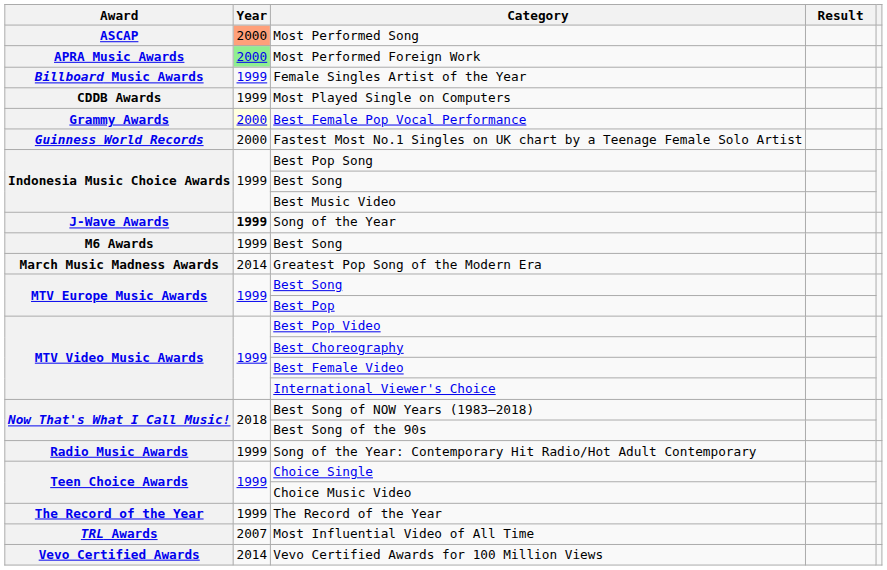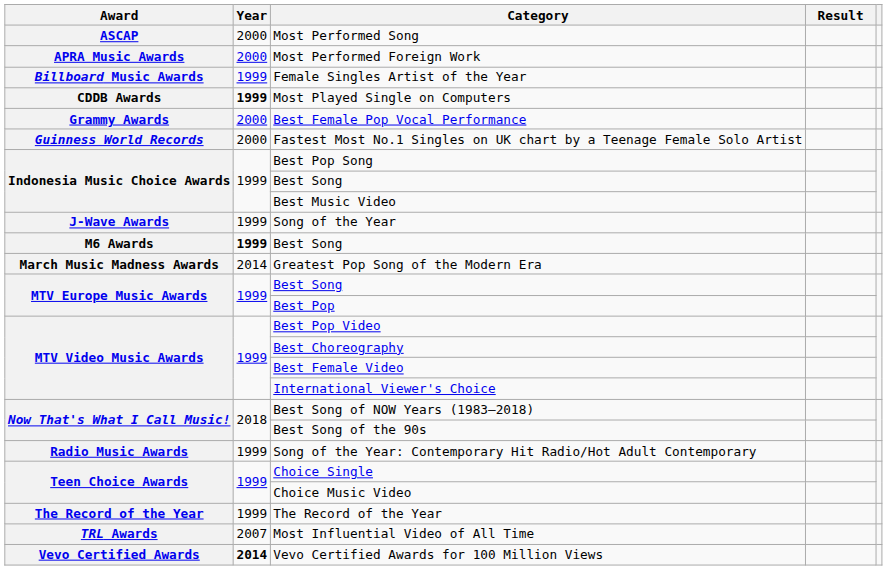 <table class="wikitable sortable plainrowheaders" style="margin-left: auto; margin-right: auto; border: none;">
 <tr>
 <th scope="col">Award</th>
 <th scope="col">Year</th>
 <th scope="col">Category</th>
 <th scope="col" style="width:8%;">Result</th>
 <th scope="col" class="unsortable"></th>
 </tr>
 <tr>
 <th scope="row"><a href='#'>ASCAP</a></th>
-<td style="background: lightsalmon; text-align:center;">2000</td>
+<td style="text-align:center;">2000</td>
 <td>Most Performed Song</td>
 <td></td>
 <td style="text-align:center;"></td>
 </tr>
 <tr>
 <th scope="row"><a href='#'>APRA Music Awards</a></th>
-<td style="background: lightgreen; text-align:center;"><a href='#'>2000</a></td>
+<td style="text-align:center;"><a href='#'>2000</a></td>
 <td>Most Performed Foreign Work</td>
 <td></td>
 <td style="text-align:center;"></td>
 </tr>
 <tr>
 <th scope="row"><a href='#'><em>Billboard</em> Music Awards</a></th>
 <td style="text-align:center;"><a href='#'>1999</a></td>
 <td>Female Singles Artist of the Year</td>
 <td></td>
 <td style="text-align:center;"></td>
 </tr>
 <tr>
 <th scope="row">CDDB Awards</th>
-<td style="text-align:center;">1999</td>
+<td style="text-align:center;"><strong>1999</strong></td>
 <td>Most Played Single on Computers</td>
 <td></td>
 <td style="text-align:center;"></td>
 </tr>
 <tr>
 <th scope="row"><a href='#'>Grammy Awards</a></th>
-<td style="background: lightyellow; text-align:center;"><a href='#'>2000</a></td>
+<td style="text-align:center;"><a href='#'>2000</a></td>
 <td><a href='#'>Best Female Pop Vocal Performance</a></td>
 <td></td>
 <td style="text-align:center;"></td>
 </tr>
 <tr>
 <th scope="row"><em><a href='#'>Guinness World Records</a></em></th>
 <td style="text-align:center;">2000</td>
 <td>Fastest Most No.1 Singles on UK chart by a Teenage Female Solo Artist</td>
 <td></td>
 <td style="text-align:center;"></td>
 </tr>
 <tr>
 <th scope="row" rowspan="3">Indonesia Music Choice Awards</th>
 <td rowspan="3" style="text-align:center;">1999</td>
 <td>Best Pop Song</td>
 <td></td>
 <td rowspan="3" style="text-align:center;"></td>
 </tr>
 <tr>
 <td>Best Song</td>
 <td></td>
 </tr>
 <tr>
 <td>Best Music Video</td>
 <td></td>
 </tr>
 <tr>
 <th scope="row"><a href='#'>J-Wave Awards</a></th>
-<td style="text-align:center;"><strong>1999</strong></td>
+<td style="text-align:center;">1999</td>
 <td>Song of the Year</td>
 <td></td>
 <td style="text-align:center;"></td>
 </tr>
 <tr>
 <th scope="row">M6 Awards</th>
-<td style="text-align:center;">1999</td>
+<td style="text-align:center;"><strong>1999</strong></td>
 <td>Best Song</td>
 <td></td>
 <td style="text-align:center;"></td>
 </tr>
 <tr>
 <th scope="row">March Music Madness Awards</th>
 <td style="text-align:center;">2014</td>
 <td>Greatest Pop Song of the Modern Era</td>
 <td></td>
 <td style="text-align:center;"></td>
 </tr>
 <tr>
 <th scope="row" rowspan="2"><a href='#'>MTV Europe Music Awards</a></th>
 <td rowspan="2" style="text-align:center;"><a href='#'>1999</a></td>
 <td><a href='#'>Best Song</a></td>
 <td></td>
 <td rowspan="2" style="text-align:center;"></td>
 </tr>
 <tr>
 <td><a href='#'>Best Pop</a></td>
 <td></td>
 </tr>
 <tr>
 <th scope="row" rowspan="4"><a href='#'>MTV Video Music Awards</a></th>
 <td rowspan="4" style="text-align:center;"><a href='#'>1999</a></td>
 <td><a href='#'>Best Pop Video</a></td>
 <td></td>
 <td rowspan="4" style="text-align:center;"></td>
 </tr>
 <tr>
 <td><a href='#'>Best Choreography</a></td>
 <td></td>
 </tr>
 <tr>
 <td><a href='#'>Best Female Video</a></td>
 <td></td>
 </tr>
 <tr>
 <td><a href='#'>International Viewer's Choice</a></td>
 <td></td>
 </tr>
 <tr>
 <th scope="row" rowspan="2"><em><a href='#'>Now That's What I Call Music!</a></em></th>
 <td rowspan="2" style="text-align:center;">2018</td>
 <td>Best Song of NOW Years (1983–2018)</td>
 <td></td>
 <td style="text-align:center;" rowspan="2"></td>
 </tr>
 <tr>
 <td>Best Song of the 90s</td>
 <td></td>
 </tr>
 <tr>
 <th scope="row"><a href='#'>Radio Music Awards</a></th>
 <td style="text-align:center;">1999</td>
 <td>Song of the Year: Contemporary Hit Radio/Hot Adult Contemporary</td>
 <td></td>
 <td style="text-align:center;"></td>
 </tr>
 <tr>
 <th scope="row" rowspan="2"><a href='#'>Teen Choice Awards</a></th>
 <td rowspan="2" style="text-align:center;"><a href='#'>1999</a></td>
 <td><a href='#'>Choice Single</a></td>
 <td></td>
 <td style="text-align:center;" rowspan="2"></td>
 </tr>
 <tr>
 <td>Choice Music Video</td>
 <td></td>
 </tr>
 <tr>
 <th scope="row"><a href='#'>The Record of the Year</a></th>
 <td style="text-align:center;">1999</td>
 <td>The Record of the Year</td>
 <td></td>
 <td style="text-align:center;"></td>
 </tr>
 <tr>
 <th scope="row"><a href='#'><em>TRL</em> Awards</a></th>
 <td style="text-align:center;">2007</td>
 <td>Most Influential Video of All Time</td>
 <td></td>
 <td style="text-align:center;"></td>
 </tr>
 <tr>
 <th scope="row"><a href='#'>Vevo Certified Awards</a></th>
-<td style="text-align:center;">2014</td>
+<td style="text-align:center;"><strong>2014</strong></td>
 <td>Vevo Certified Awards for 100 Million Views</td>
 <td></td>
 <td style="text-align:center;"></td>
 </tr>
 </table>
